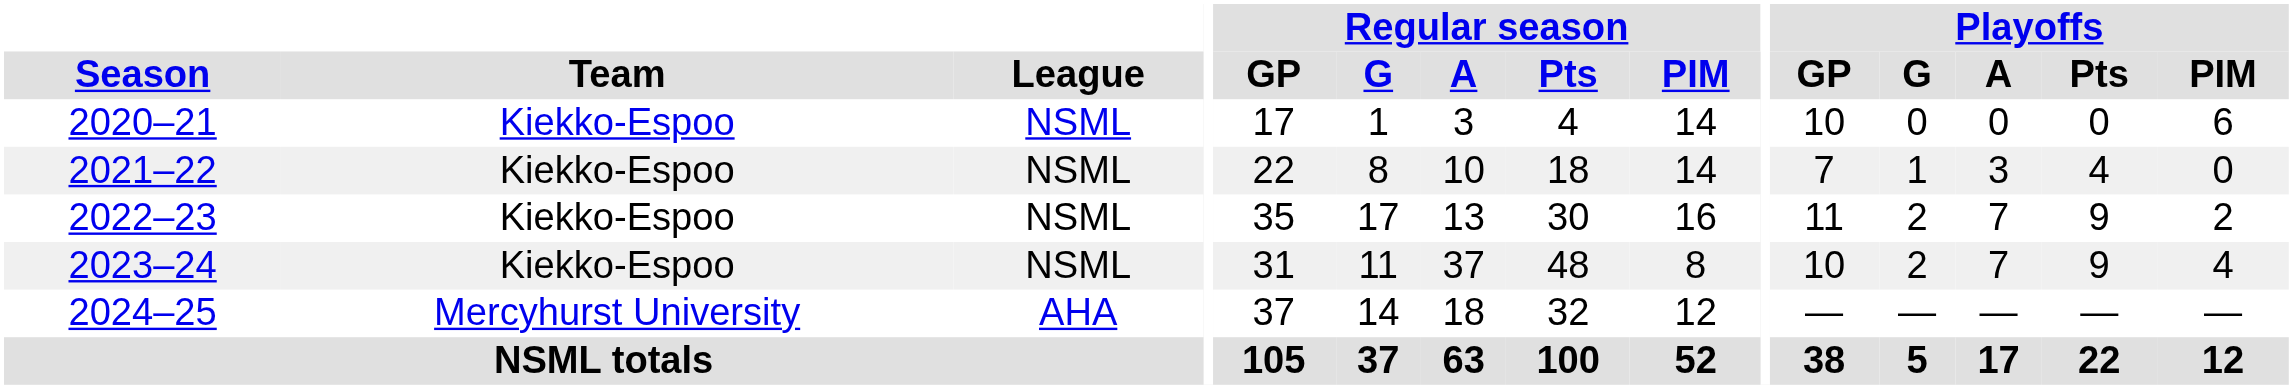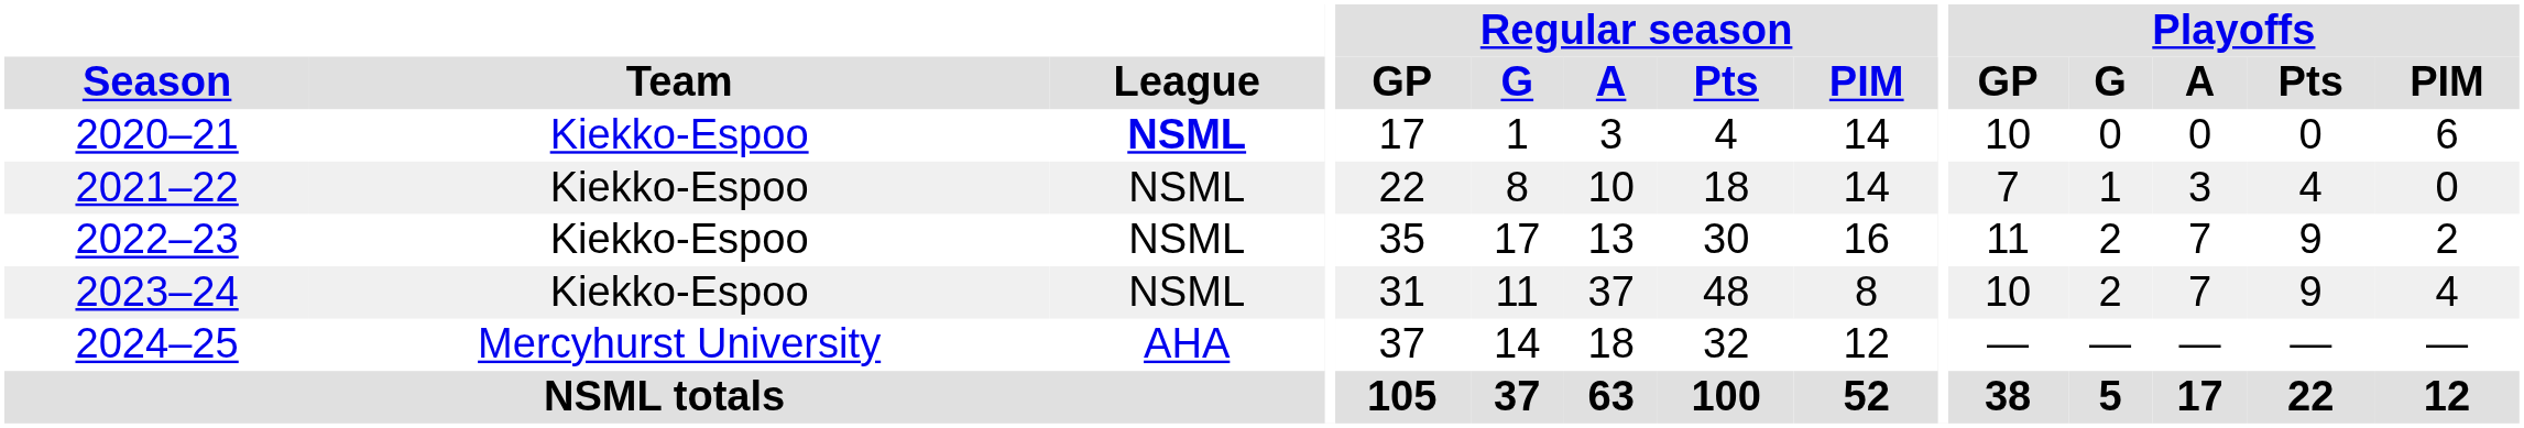 <table border="0" cellpadding="1" cellspacing="0" style="text-align:center; width:60em">
 <tr bgcolor="#e0e0e0">
 <th colspan="3" bgcolor="#ffffff"></th>
 <th rowspan="97" bgcolor="#ffffff"></th>
 <th colspan="5"><a href='#'>Regular season</a></th>
 <th rowspan="97" bgcolor="#ffffff"></th>
 <th colspan="5"><a href='#'>Playoffs</a></th>
 </tr>
 <tr bgcolor="#e0e0e0">
 <th><a href='#'>Season</a></th>
 <th>Team</th>
 <th>League</th>
 <th>GP</th>
 <th><a href='#'>G</a></th>
 <th><a href='#'>A</a></th>
 <th><a href='#'>Pts</a></th>
 <th><a href='#'>PIM</a></th>
 <th>GP</th>
 <th>G</th>
 <th>A</th>
 <th>Pts</th>
 <th>PIM</th>
 </tr>
 <tr>
 <td><a href='#'>2020–21</a></td>
 <td><a href='#'>Kiekko-Espoo</a></td>
-<td><a href='#'>NSML</a></td>
+<td><strong><a href='#'>NSML</a></strong></td>
 <td>17</td>
 <td>1</td>
 <td>3</td>
 <td>4</td>
 <td>14</td>
 <td>10</td>
 <td>0</td>
 <td>0</td>
 <td>0</td>
 <td>6</td>
 </tr>
 <tr bgcolor="#f0f0f0">
 <td><a href='#'>2021–22</a></td>
 <td>Kiekko-Espoo</td>
 <td>NSML</td>
 <td>22</td>
 <td>8</td>
 <td>10</td>
 <td>18</td>
 <td>14</td>
 <td>7</td>
 <td>1</td>
 <td>3</td>
 <td>4</td>
 <td>0</td>
 </tr>
 <tr>
 <td><a href='#'>2022–23</a></td>
 <td>Kiekko-Espoo</td>
 <td>NSML</td>
 <td>35</td>
 <td>17</td>
 <td>13</td>
 <td>30</td>
 <td>16</td>
 <td>11</td>
 <td>2</td>
 <td>7</td>
 <td>9</td>
 <td>2</td>
 </tr>
 <tr bgcolor="#f0f0f0">
 <td><a href='#'>2023–24</a></td>
 <td>Kiekko-Espoo</td>
 <td>NSML</td>
 <td>31</td>
 <td>11</td>
 <td>37</td>
 <td>48</td>
 <td>8</td>
 <td>10</td>
 <td>2</td>
 <td>7</td>
 <td>9</td>
 <td>4</td>
 </tr>
 <tr>
 <td><a href='#'>2024–25</a></td>
 <td><a href='#'>Mercyhurst University</a></td>
 <td><a href='#'>AHA</a></td>
 <td>37</td>
 <td>14</td>
 <td>18</td>
 <td>32</td>
 <td>12</td>
 <td>—</td>
 <td>—</td>
 <td>—</td>
 <td>—</td>
 <td>—</td>
 </tr>
 <tr bgcolor="#e0e0e0">
 <th colspan="3">NSML totals</th>
 <th>105</th>
 <th>37</th>
 <th>63</th>
 <th>100</th>
 <th>52</th>
 <th>38</th>
 <th>5</th>
 <th>17</th>
 <th>22</th>
 <th>12</th>
 </tr>
 </table>
